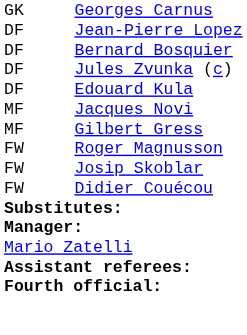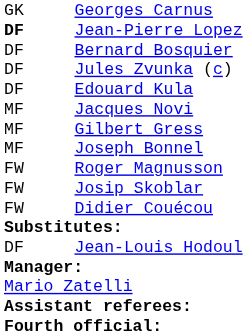 <table style=font-size:90% cellspacing=0 cellpadding=0>
 <tr>
 <td colspan=4></td>
 </tr>
 <tr>
 <th width=25></th>
 <th width=25></th>
 </tr>
 <tr>
 <td>GK</td>
 <td><strong> </strong></td>
 <td> <a href='#'>Georges Carnus</a></td>
 </tr>
 <tr>
-<td>DF</td>
+<td><strong>DF</strong></td>
 <td><strong> </strong></td>
 <td> <a href='#'>Jean-Pierre Lopez</a></td>
 </tr>
 <tr>
 <td>DF</td>
 <td><strong> </strong></td>
 <td> <a href='#'>Bernard Bosquier</a></td>
 </tr>
 <tr>
 <td>DF</td>
 <td><strong> </strong></td>
 <td> <a href='#'>Jules Zvunka</a> (<a href='#'>c</a>)</td>
 </tr>
 <tr>
 <td>DF</td>
 <td><strong> </strong></td>
 <td> <a href='#'>Edouard Kula</a></td>
 </tr>
 <tr>
 <td>MF</td>
 <td><strong> </strong></td>
 <td> <a href='#'>Jacques Novi</a></td>
 </tr>
 <tr>
 <td>MF</td>
 <td><strong> </strong></td>
 <td> <a href='#'>Gilbert Gress</a></td>
 </tr>
 <tr>
+<td>MF</td>
+<td><strong> </strong></td>
+<td> <a href='#'>Joseph Bonnel</a></td>
+<td></td>
+<td></td>
+</tr>
+<tr>
 <td>FW</td>
 <td><strong> </strong></td>
 <td> <a href='#'>Roger Magnusson</a></td>
 </tr>
 <tr>
 <td>FW</td>
 <td><strong> </strong></td>
 <td> <a href='#'>Josip Skoblar</a></td>
 </tr>
 <tr>
 <td>FW</td>
 <td><strong> </strong></td>
 <td> <a href='#'>Didier Couécou</a></td>
 </tr>
 <tr>
 <td colspan=3><strong>Substitutes:</strong></td>
 </tr>
 <tr>
+<td>DF</td>
+<td><strong> </strong></td>
+<td> <a href='#'>Jean-Louis Hodoul</a></td>
+<td></td>
+<td></td>
+</tr>
+<tr>
 <td colspan=3><strong>Manager:</strong></td>
 </tr>
 <tr>
 <td colspan=4> <a href='#'>Mario Zatelli</a><br><strong>Assistant referees:</strong><br> <strong>Fourth official:</strong><br></td>
 </tr>
 </table>
